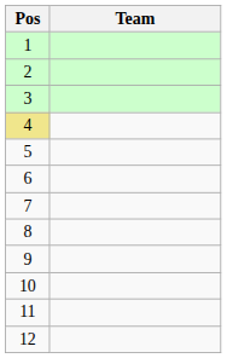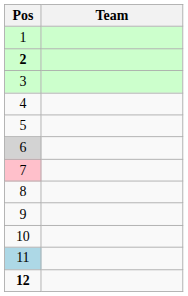 <table class="wikitable" style="text-align:center;">
 <tr>
 <th width=35>Pos</th>
 <th width=155>Team</th>
 </tr>
 <tr bgcolor=ccffcc>
 <td>1</td>
 <td align=left></td>
 </tr>
 <tr bgcolor=ccffcc>
-<td>2</td>
+<td><strong>2</strong></td>
 <td align=left></td>
 </tr>
 <tr bgcolor=ccffcc>
 <td>3</td>
 <td align=left></td>
 </tr>
 <tr>
-<td style="background: khaki;">4</td>
+<td>4</td>
 <td align=left></td>
 </tr>
 <tr>
 <td>5</td>
 <td align=left></td>
 </tr>
 <tr>
-<td>6</td>
+<td style="background: lightgrey;">6</td>
 <td align=left></td>
 </tr>
 <tr>
-<td>7</td>
+<td style="background: pink;">7</td>
 <td align=left></td>
 </tr>
 <tr>
 <td>8</td>
 <td align=left></td>
 </tr>
 <tr>
 <td>9</td>
 <td align=left></td>
 </tr>
 <tr>
 <td>10</td>
 <td align=left></td>
 </tr>
 <tr>
-<td>11</td>
+<td style="background: lightblue;">11</td>
 <td align=left></td>
 </tr>
 <tr>
-<td>12</td>
+<td><strong>12</strong></td>
 <td align=left></td>
 </tr>
 </table>
